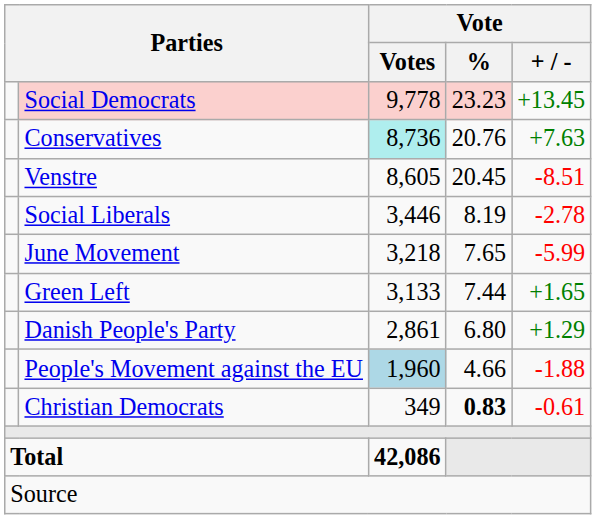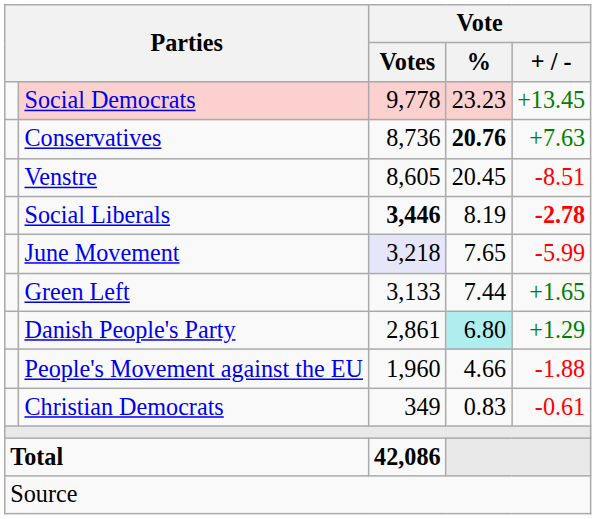 <table class="wikitable" style="text-align:right;">
 <tr>
 <th style="text-align:centre;" rowspan="2" colspan="2" width="225">Parties</th>
 <th colspan="3">Vote</th>
 </tr>
 <tr>
 <th width="15">Votes</th>
 <th width="15">%</th>
 <th width="15">+ / -</th>
 </tr>
 <tr>
 <td width="2" style="color:inherit;background:"></td>
 <td bgcolor=#fbd0ce   align="left"><a href='#'>Social Democrats</a></td>
 <td bgcolor=#fbd0ce>9,778</td>
 <td bgcolor=#fbd0ce>23.23</td>
 <td style=color:green;>+13.45</td>
 </tr>
 <tr>
 <td width="2" style="color:inherit;background:"></td>
 <td align="left"><a href='#'>Conservatives</a></td>
-<td style="background: paleturquoise;">8,736</td>
-<td>20.76</td>
+<td>8,736</td>
+<td><strong>20.76</strong></td>
 <td style=color:green;>+7.63</td>
 </tr>
 <tr>
 <td width="2" style="color:inherit;background:"></td>
 <td align="left"><a href='#'>Venstre</a></td>
 <td>8,605</td>
 <td>20.45</td>
 <td style=color:red;>-8.51</td>
 </tr>
 <tr>
 <td width="2" style="color:inherit;background:"></td>
 <td align="left"><a href='#'>Social Liberals</a></td>
-<td>3,446</td>
+<td><strong>3,446</strong></td>
 <td>8.19</td>
-<td style=color:red;>-2.78</td>
+<td style=color:red;><strong>-2.78</strong></td>
 </tr>
 <tr>
 <td width="2" style="color:inherit;background:"></td>
 <td align="left"><a href='#'>June Movement</a></td>
-<td>3,218</td>
+<td style="background: lavender;">3,218</td>
 <td>7.65</td>
 <td style=color:red;>-5.99</td>
 </tr>
 <tr>
 <td width="2" style="color:inherit;background:"></td>
 <td align="left"><a href='#'>Green Left</a></td>
 <td>3,133</td>
 <td>7.44</td>
 <td style=color:green;>+1.65</td>
 </tr>
 <tr>
 <td width="2" style="color:inherit;background:"></td>
 <td align="left"><a href='#'>Danish People's Party</a></td>
 <td>2,861</td>
-<td>6.80</td>
+<td style="background: paleturquoise;">6.80</td>
 <td style=color:green;>+1.29</td>
 </tr>
 <tr>
 <td width="2" style="color:inherit;background:"></td>
 <td align="left"><a href='#'>People's Movement against the EU</a></td>
-<td style="background: lightblue;">1,960</td>
+<td>1,960</td>
 <td>4.66</td>
 <td style=color:red;>-1.88</td>
 </tr>
 <tr>
 <td width="2" style="color:inherit;background:"></td>
 <td align="left"><a href='#'>Christian Democrats</a></td>
 <td>349</td>
-<td><strong>0.83</strong></td>
+<td>0.83</td>
 <td style=color:red;>-0.61</td>
 </tr>
 <tr>
 <td colspan="7" bgcolor="#E9E9E9"></td>
 </tr>
 <tr>
 <td align="left" colspan="2"><strong>Total</strong></td>
 <td><strong>42,086</strong></td>
 <td bgcolor="#E9E9E9" colspan="2"></td>
 </tr>
 <tr>
 <td align="left" colspan="6">Source</td>
 </tr>
 </table>
